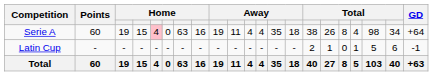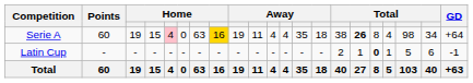 <table class="wikitable" style="font-size:90%;width:100%;margin:auto;clear:both;text-align:center;">
 <tr>
 <th rowspan="2">Competition</th>
 <th rowspan="2">Points</th>
 <th colspan="6">Home</th>
 <th colspan="6">Away</th>
 <th colspan="6">Total</th>
 <th rowspan="2"><a href='#'>GD</a></th>
 </tr>
 <tr>
 <th></th>
 <th></th>
 <th></th>
 <th></th>
 <th></th>
 <th></th>
 <th></th>
 <th></th>
 <th></th>
 <th></th>
 <th></th>
 <th></th>
 <th></th>
 <th></th>
 <th></th>
 <th></th>
 <th></th>
 <th></th>
 </tr>
 <tr>
 <td><a href='#'>Serie A</a></td>
 <td>60</td>
 <td>19</td>
 <td>15</td>
 <td style="background: pink;">4</td>
 <td>0</td>
 <td>63</td>
-<td>16</td>
+<td style="background: gold;">16</td>
 <td>19</td>
 <td>11</td>
 <td>4</td>
 <td>4</td>
 <td>35</td>
 <td>18</td>
 <td>38</td>
-<td>26</td>
+<td><strong>26</strong></td>
 <td>8</td>
 <td>4</td>
 <td>98</td>
 <td>34</td>
 <td>+64</td>
 </tr>
 <tr>
 <td><a href='#'>Latin Cup</a></td>
 <td>-</td>
 <td>-</td>
 <td>-</td>
 <td>-</td>
 <td>-</td>
 <td>-</td>
 <td>-</td>
 <td>-</td>
 <td>-</td>
 <td>-</td>
 <td>-</td>
 <td>-</td>
 <td>-</td>
 <td>2</td>
 <td>1</td>
-<td>0</td>
+<td><strong>0</strong></td>
 <td>1</td>
 <td>5</td>
 <td>6</td>
 <td>-1</td>
 </tr>
 <tr>
 <th>Total</th>
 <th>60</th>
 <th>19</th>
 <th>15</th>
 <th>4</th>
 <th>0</th>
 <th>63</th>
 <th>16</th>
 <th>19</th>
 <th>11</th>
 <th>4</th>
 <th>4</th>
 <th>35</th>
 <th>18</th>
 <th>40</th>
 <th>27</th>
 <th>8</th>
 <th>5</th>
 <th>103</th>
 <th>40</th>
 <th>+63</th>
 </tr>
 </table>
